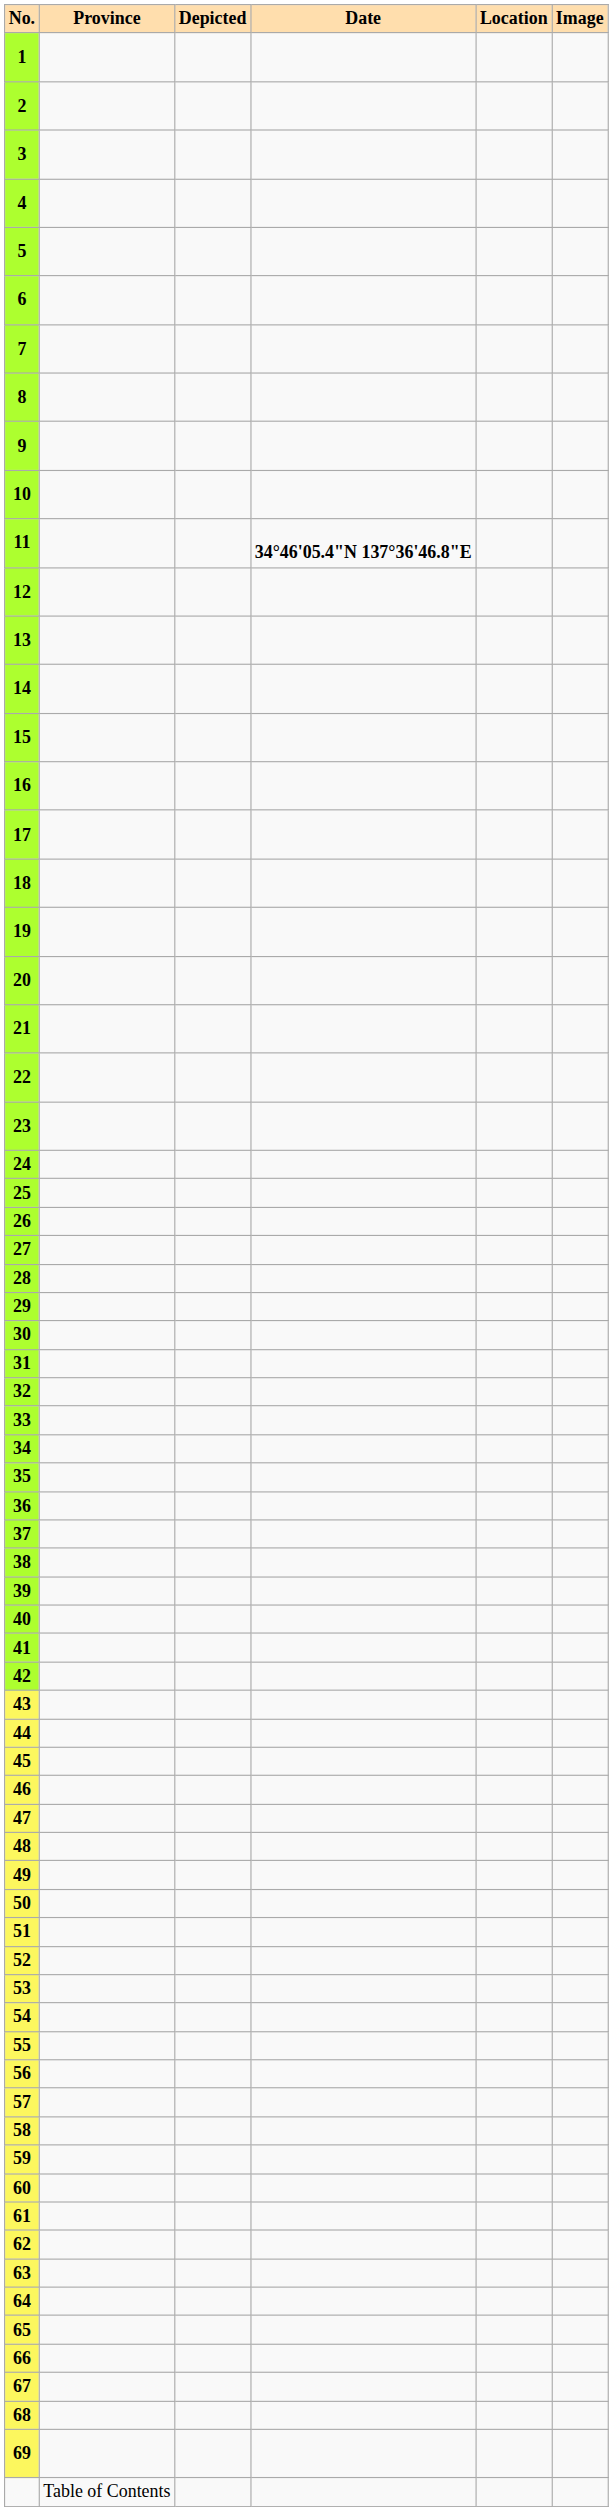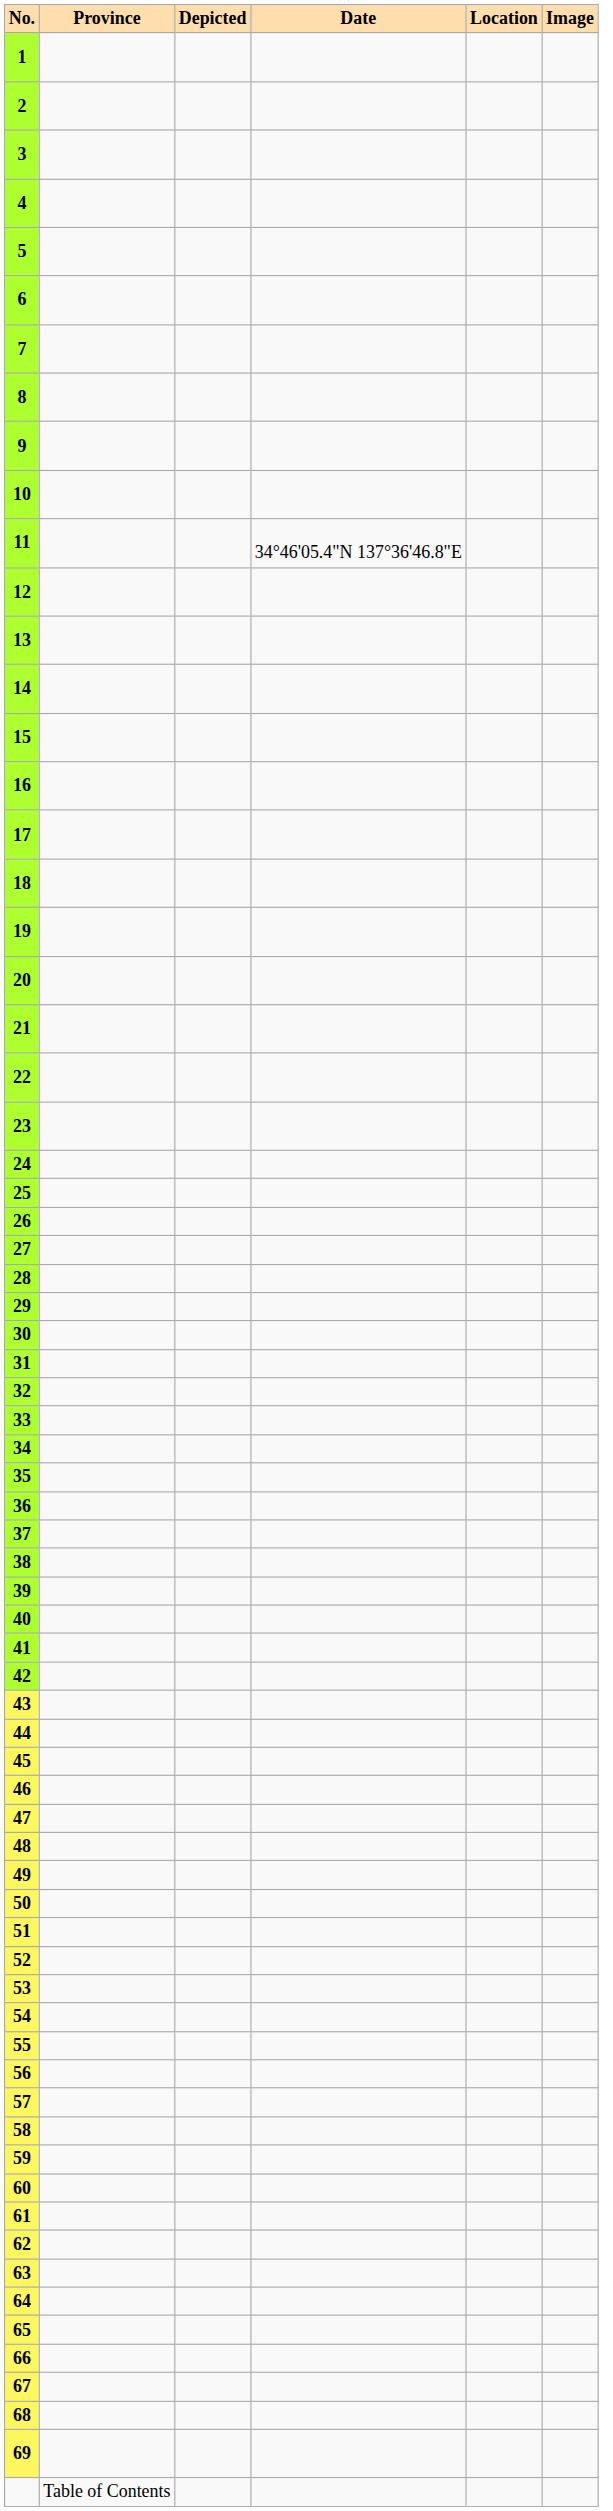 <table class="wikitable sortable">
 <tr>
 <th align="left" style="background:#ffdead;">No.</th>
 <th align="left" style="background:#ffdead;">Province</th>
 <th align="left" style="background:#ffdead;" class="unsortable">Depicted</th>
 <th align="left" style="background:#ffdead;">Date</th>
 <th align="left" style="background:#ffdead;">Location </th>
 <th align="left" style="background:#ffdead;" class="unsortable">Image</th>
 </tr>
 <tr>
 <th style="background:#ADFF2F;">1</th>
 <td></td>
 <td></td>
 <td></td>
 <td><br><br></td>
 <td></td>
 </tr>
 <tr>
 <th style="background:#ADFF2F;">2</th>
 <td></td>
 <td></td>
 <td></td>
 <td><br><br></td>
 <td></td>
 </tr>
 <tr>
 <th style="background:#ADFF2F;">3</th>
 <td></td>
 <td></td>
 <td></td>
 <td><br><br></td>
 <td></td>
 </tr>
 <tr>
 <th style="background:#ADFF2F;">4</th>
 <td></td>
 <td></td>
 <td></td>
 <td><br><br></td>
 <td></td>
 </tr>
 <tr>
 <th style="background:#ADFF2F;">5</th>
 <td></td>
 <td></td>
 <td></td>
 <td><br><br></td>
 <td></td>
 </tr>
 <tr>
 <th style="background:#ADFF2F;">6</th>
 <td></td>
 <td></td>
 <td></td>
 <td><br><br></td>
 <td></td>
 </tr>
 <tr>
 <th style="background:#ADFF2F;">7</th>
 <td></td>
 <td></td>
 <td></td>
 <td><br><br></td>
 <td></td>
 </tr>
 <tr>
 <th style="background:#ADFF2F;">8</th>
 <td></td>
 <td></td>
 <td></td>
 <td><br><br></td>
 <td></td>
 </tr>
 <tr>
 <th style="background:#ADFF2F;">9</th>
 <td></td>
 <td></td>
 <td></td>
 <td><br><br></td>
 <td></td>
 </tr>
 <tr>
 <th style="background:#ADFF2F;">10</th>
 <td></td>
 <td></td>
 <td></td>
 <td><br><br></td>
 <td></td>
 </tr>
 <tr>
 <th style="background:#ADFF2F;">11</th>
 <td></td>
 <td></td>
-<td><strong><br>34°46'05.4"N 137°36'46.8"E</strong></td>
+<td><br>34°46'05.4"N 137°36'46.8"E</td>
 <td><br><br></td>
 <td></td>
 </tr>
 <tr>
 <th style="background:#ADFF2F;">12</th>
 <td></td>
 <td></td>
 <td></td>
 <td><br><br></td>
 <td></td>
 </tr>
 <tr>
 <th style="background:#ADFF2F;">13</th>
 <td></td>
 <td></td>
 <td></td>
 <td><br><br></td>
 <td></td>
 </tr>
 <tr>
 <th style="background:#ADFF2F;">14</th>
 <td></td>
 <td></td>
 <td></td>
 <td><br><br></td>
 <td></td>
 </tr>
 <tr>
 <th style="background:#ADFF2F;">15</th>
 <td></td>
 <td></td>
 <td></td>
 <td><br><br></td>
 <td></td>
 </tr>
 <tr>
 <th style="background:#ADFF2F;">16</th>
 <td></td>
 <td></td>
 <td></td>
 <td><br><br></td>
 <td></td>
 </tr>
 <tr>
 <th style="background:#ADFF2F;">17</th>
 <td></td>
 <td></td>
 <td></td>
 <td><br><br></td>
 <td></td>
 </tr>
 <tr>
 <th style="background:#ADFF2F;">18</th>
 <td></td>
 <td></td>
 <td></td>
 <td><br><br></td>
 <td></td>
 </tr>
 <tr>
 <th style="background:#ADFF2F;">19</th>
 <td></td>
 <td></td>
 <td></td>
 <td><br><br></td>
 <td></td>
 </tr>
 <tr>
 <th style="background:#ADFF2F;">20</th>
 <td></td>
 <td></td>
 <td></td>
 <td><br><br></td>
 <td></td>
 </tr>
 <tr>
 <th style="background:#ADFF2F;">21</th>
 <td></td>
 <td></td>
 <td></td>
 <td><br><br></td>
 <td></td>
 </tr>
 <tr>
 <th style="background:#ADFF2F;">22</th>
 <td></td>
 <td></td>
 <td></td>
 <td><br><br></td>
 <td></td>
 </tr>
 <tr>
 <th style="background:#ADFF2F;">23</th>
 <td></td>
 <td></td>
 <td></td>
 <td><br><br></td>
 <td></td>
 </tr>
 <tr>
 <th style="background:#ADFF2F;">24</th>
 <td></td>
 <td></td>
 <td></td>
 <td><br></td>
 <td></td>
 </tr>
 <tr>
 <th style="background:#ADFF2F;">25</th>
 <td></td>
 <td></td>
 <td></td>
 <td><br></td>
 <td></td>
 </tr>
 <tr>
 <th style="background:#ADFF2F;">26</th>
 <td></td>
 <td></td>
 <td></td>
 <td><br></td>
 <td></td>
 </tr>
 <tr>
 <th style="background:#ADFF2F;">27</th>
 <td></td>
 <td></td>
 <td></td>
 <td><br></td>
 <td></td>
 </tr>
 <tr>
 <th style="background:#ADFF2F;">28</th>
 <td></td>
 <td></td>
 <td></td>
 <td><br></td>
 <td></td>
 </tr>
 <tr>
 <th style="background:#ADFF2F;">29</th>
 <td></td>
 <td></td>
 <td></td>
 <td><br></td>
 <td></td>
 </tr>
 <tr>
 <th style="background:#ADFF2F;">30</th>
 <td></td>
 <td></td>
 <td></td>
 <td><br></td>
 <td></td>
 </tr>
 <tr>
 <th style="background:#ADFF2F;">31</th>
 <td></td>
 <td></td>
 <td></td>
 <td><br></td>
 <td></td>
 </tr>
 <tr>
 <th style="background:#ADFF2F;">32</th>
 <td></td>
 <td></td>
 <td></td>
 <td><br></td>
 <td></td>
 </tr>
 <tr>
 <th style="background:#ADFF2F;">33</th>
 <td></td>
 <td></td>
 <td></td>
 <td><br></td>
 <td></td>
 </tr>
 <tr>
 <th style="background:#ADFF2F;">34</th>
 <td></td>
 <td></td>
 <td></td>
 <td><br></td>
 <td></td>
 </tr>
 <tr>
 <th style="background:#ADFF2F;">35</th>
 <td></td>
 <td></td>
 <td></td>
 <td><br></td>
 <td></td>
 </tr>
 <tr>
 <th style="background:#ADFF2F;">36</th>
 <td></td>
 <td></td>
 <td></td>
 <td><br></td>
 <td></td>
 </tr>
 <tr>
 <th style="background:#ADFF2F;">37</th>
 <td></td>
 <td></td>
 <td></td>
 <td><br></td>
 <td></td>
 </tr>
 <tr>
 <th style="background:#ADFF2F;">38</th>
 <td></td>
 <td></td>
 <td></td>
 <td><br></td>
 <td></td>
 </tr>
 <tr>
 <th style="background:#ADFF2F;">39</th>
 <td></td>
 <td></td>
 <td></td>
 <td><br></td>
 <td></td>
 </tr>
 <tr>
 <th style="background:#ADFF2F;">40</th>
 <td></td>
 <td></td>
 <td></td>
 <td><br></td>
 <td></td>
 </tr>
 <tr>
 <th style="background:#ADFF2F;">41</th>
 <td></td>
 <td></td>
 <td></td>
 <td><br></td>
 <td></td>
 </tr>
 <tr>
 <th style="background:#ADFF2F;">42</th>
 <td></td>
 <td></td>
 <td></td>
 <td><br></td>
 <td></td>
 </tr>
 <tr>
 <th style="background:#FCF75E;">43</th>
 <td></td>
 <td></td>
 <td></td>
 <td><br></td>
 <td></td>
 </tr>
 <tr>
 <th style="background:#FCF75E;">44</th>
 <td></td>
 <td></td>
 <td></td>
 <td><br></td>
 <td></td>
 </tr>
 <tr>
 <th style="background:#FCF75E;">45</th>
 <td></td>
 <td></td>
 <td></td>
 <td><br></td>
 <td></td>
 </tr>
 <tr>
 <th style="background:#FCF75E;">46</th>
 <td></td>
 <td></td>
 <td></td>
 <td><br></td>
 <td></td>
 </tr>
 <tr>
 <th style="background:#FCF75E;">47</th>
 <td></td>
 <td></td>
 <td></td>
 <td><br></td>
 <td></td>
 </tr>
 <tr>
 <th style="background:#FCF75E;">48</th>
 <td></td>
 <td></td>
 <td></td>
 <td><br></td>
 <td></td>
 </tr>
 <tr>
 <th style="background:#FCF75E;">49</th>
 <td></td>
 <td></td>
 <td></td>
 <td><br></td>
 <td></td>
 </tr>
 <tr>
 <th style="background:#FCF75E;">50</th>
 <td></td>
 <td></td>
 <td></td>
 <td><br></td>
 <td></td>
 </tr>
 <tr>
 <th style="background:#FCF75E;">51</th>
 <td></td>
 <td></td>
 <td></td>
 <td><br></td>
 <td></td>
 </tr>
 <tr>
 <th style="background:#FCF75E;">52</th>
 <td></td>
 <td></td>
 <td></td>
 <td><br></td>
 <td></td>
 </tr>
 <tr>
 <th style="background:#FCF75E;">53</th>
 <td></td>
 <td></td>
 <td></td>
 <td><br></td>
 <td></td>
 </tr>
 <tr>
 <th style="background:#FCF75E;">54</th>
 <td></td>
 <td></td>
 <td></td>
 <td><br></td>
 <td></td>
 </tr>
 <tr>
 <th style="background:#FCF75E;">55</th>
 <td></td>
 <td></td>
 <td></td>
 <td><br></td>
 <td></td>
 </tr>
 <tr>
 <th style="background:#FCF75E;">56</th>
 <td></td>
 <td></td>
 <td></td>
 <td><br></td>
 <td></td>
 </tr>
 <tr>
 <th style="background:#FCF75E;">57</th>
 <td></td>
 <td></td>
 <td></td>
 <td><br></td>
 <td></td>
 </tr>
 <tr>
 <th style="background:#FCF75E;">58</th>
 <td></td>
 <td></td>
 <td></td>
 <td><br></td>
 <td></td>
 </tr>
 <tr>
 <th style="background:#FCF75E;">59</th>
 <td></td>
 <td></td>
 <td></td>
 <td><br></td>
 <td></td>
 </tr>
 <tr>
 <th style="background:#FCF75E;">60</th>
 <td></td>
 <td></td>
 <td></td>
 <td><br></td>
 <td></td>
 </tr>
 <tr>
 <th style="background:#FCF75E;">61</th>
 <td></td>
 <td></td>
 <td></td>
 <td><br></td>
 <td></td>
 </tr>
 <tr>
 <th style="background:#FCF75E;">62</th>
 <td></td>
 <td></td>
 <td></td>
 <td><br></td>
 <td></td>
 </tr>
 <tr>
 <th style="background:#FCF75E;">63</th>
 <td></td>
 <td></td>
 <td></td>
 <td><br></td>
 <td></td>
 </tr>
 <tr>
 <th style="background:#FCF75E;">64</th>
 <td></td>
 <td></td>
 <td></td>
 <td><br></td>
 <td></td>
 </tr>
 <tr>
 <th style="background:#FCF75E;">65</th>
 <td></td>
 <td></td>
 <td></td>
 <td><br></td>
 <td></td>
 </tr>
 <tr>
 <th style="background:#FCF75E;">66</th>
 <td></td>
 <td></td>
 <td></td>
 <td><br></td>
 <td></td>
 </tr>
 <tr>
 <th style="background:#FCF75E;">67</th>
 <td></td>
 <td></td>
 <td></td>
 <td><br></td>
 <td></td>
 </tr>
 <tr>
 <th style="background:#FCF75E;">68</th>
 <td></td>
 <td></td>
 <td></td>
 <td><br></td>
 <td></td>
 </tr>
 <tr>
 <th style="background:#FCF75E;">69</th>
 <td></td>
 <td></td>
 <td></td>
 <td><br><br></td>
 <td></td>
 </tr>
 <tr>
 <td data-sort-value="0"></td>
 <td>Table of Contents</td>
 <td></td>
 <td></td>
 <td></td>
 <td></td>
 </tr>
 </table>
